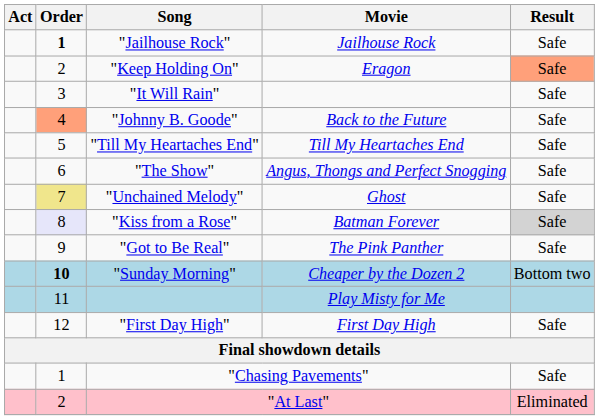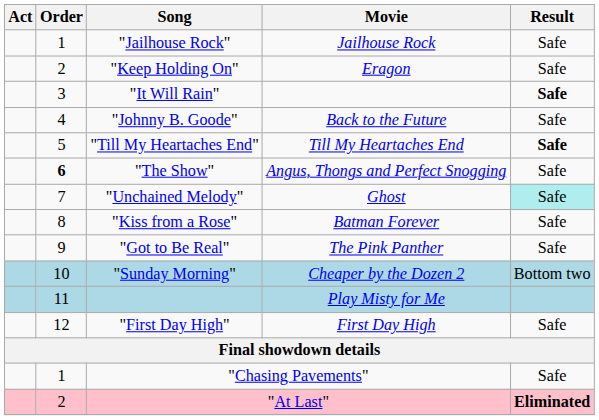 <table class="wikitable" style="text-align:center;">
 <tr>
 <th scope="col" style="text-align:center;">Act</th>
 <th scope="col" style="text-align:center;">Order</th>
 <th scope="col" style="text-align:center;">Song</th>
 <th scope="col" style="text-align:center;">Movie</th>
 <th scope="col" style="text-align:center;">Result</th>
 </tr>
 <tr style="text-align:center;">
 <td></td>
-<td><strong>1</strong></td>
+<td>1</td>
 <td>"<a href='#'>Jailhouse Rock</a>"</td>
 <td><em><a href='#'>Jailhouse Rock</a></em></td>
 <td>Safe</td>
 </tr>
 <tr style="text-align:center;">
 <td></td>
 <td>2</td>
 <td>"<a href='#'>Keep Holding On</a>"</td>
 <td><em><a href='#'>Eragon</a></em></td>
-<td style="background: lightsalmon;">Safe</td>
+<td>Safe</td>
 </tr>
 <tr style="text-align:center;">
 <td></td>
 <td>3</td>
 <td>"<a href='#'>It Will Rain</a>"</td>
 <td></td>
-<td>Safe</td>
+<td><strong>Safe</strong></td>
 </tr>
 <tr style="text-align:center;">
 <td></td>
-<td style="background: lightsalmon;">4</td>
+<td>4</td>
 <td>"<a href='#'>Johnny B. Goode</a>"</td>
 <td><em><a href='#'>Back to the Future</a></em></td>
 <td>Safe</td>
 </tr>
 <tr style="text-align:center;">
 <td></td>
 <td>5</td>
 <td>"<a href='#'>Till My Heartaches End</a>"</td>
 <td><em><a href='#'>Till My Heartaches End</a></em></td>
-<td>Safe</td>
+<td><strong>Safe</strong></td>
 </tr>
 <tr style="text-align:center;">
 <td></td>
-<td>6</td>
+<td><strong>6</strong></td>
 <td>"<a href='#'>The Show</a>"</td>
 <td><em><a href='#'>Angus, Thongs and Perfect Snogging</a></em></td>
 <td>Safe</td>
 </tr>
 <tr style="text-align:center;">
 <td></td>
-<td style="background: khaki;">7</td>
+<td>7</td>
 <td>"<a href='#'>Unchained Melody</a>"</td>
 <td><em><a href='#'>Ghost</a></em></td>
-<td>Safe</td>
+<td style="background: paleturquoise;">Safe</td>
 </tr>
 <tr style="text-align:center;">
 <td></td>
-<td style="background: lavender;">8</td>
+<td>8</td>
 <td>"<a href='#'>Kiss from a Rose</a>"</td>
 <td><em><a href='#'>Batman Forever</a></em></td>
-<td style="background: lightgrey;">Safe</td>
+<td>Safe</td>
 </tr>
 <tr style="text-align:center;">
 <td></td>
 <td>9</td>
 <td>"<a href='#'>Got to Be Real</a>"</td>
 <td><em><a href='#'>The Pink Panther</a></em></td>
 <td>Safe</td>
 </tr>
 <tr style="background:lightblue; text-align:center;">
 <td></td>
-<td><strong>10</strong></td>
+<td>10</td>
 <td>"<a href='#'>Sunday Morning</a>"</td>
 <td><em><a href='#'>Cheaper by the Dozen 2</a></em></td>
 <td>Bottom two</td>
 </tr>
 <tr style="background:lightblue; text-align:center;">
 <td></td>
 <td>11</td>
 <td></td>
 <td><em><a href='#'>Play Misty for Me</a></em></td>
 <td></td>
 </tr>
 <tr style="text-align:center;">
 <td></td>
 <td>12</td>
 <td>"<a href='#'>First Day High</a>"</td>
 <td><em><a href='#'>First Day High</a></em></td>
 <td>Safe</td>
 </tr>
 <tr>
 <th colspan="5">Final showdown details</th>
 </tr>
 <tr>
 <td></td>
 <td>1</td>
 <td colspan="2">"<a href='#'>Chasing Pavements</a>"</td>
 <td>Safe</td>
 </tr>
 <tr>
 <td style="background:pink;"></td>
 <td style="background:pink;">2</td>
 <td colspan="2" style="background:pink;">"<a href='#'>At Last</a>"</td>
-<td style="background:pink;">Eliminated</td>
+<td style="background:pink;"><strong>Eliminated</strong></td>
 </tr>
 <tr>
 </tr>
 </table>
